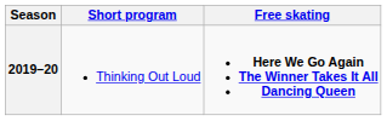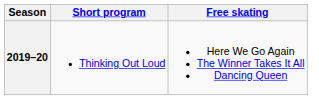 <table class=wikitable style=text-align:center>
 <tr>
 <th>Season</th>
 <th><a href='#'>Short program</a></th>
 <th><a href='#'>Free skating</a></th>
 </tr>
 <tr>
 <th>2019–20 <br> </th>
 <td><br><ul><li><a href='#'>Thinking Out Loud</a> <br></li></ul></td>
-<td><strong><br><ul><li>Here We Go Again <br></li><li><a href='#'>The Winner Takes It All</a> <br></li><li><a href='#'>Dancing Queen</a> <br></li></ul></strong></td>
+<td><br><ul><li>Here We Go Again <br></li><li><a href='#'>The Winner Takes It All</a> <br></li><li><a href='#'>Dancing Queen</a> <br></li></ul></td>
 </tr>
 </table>
